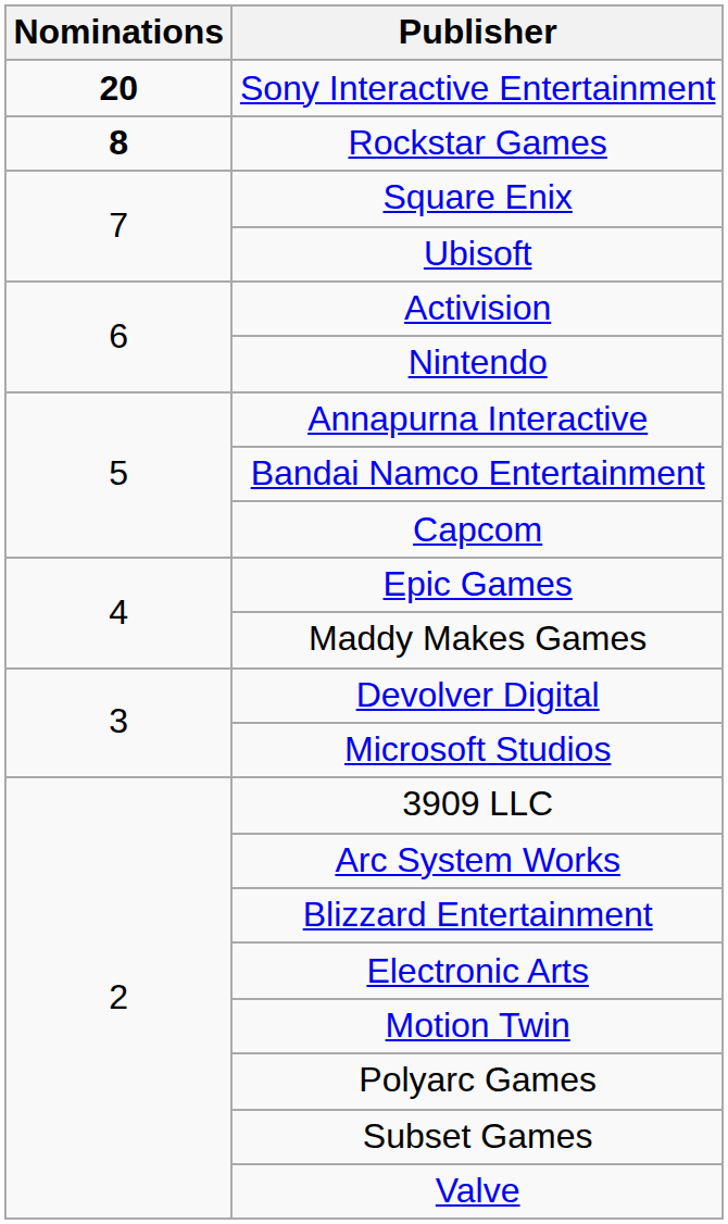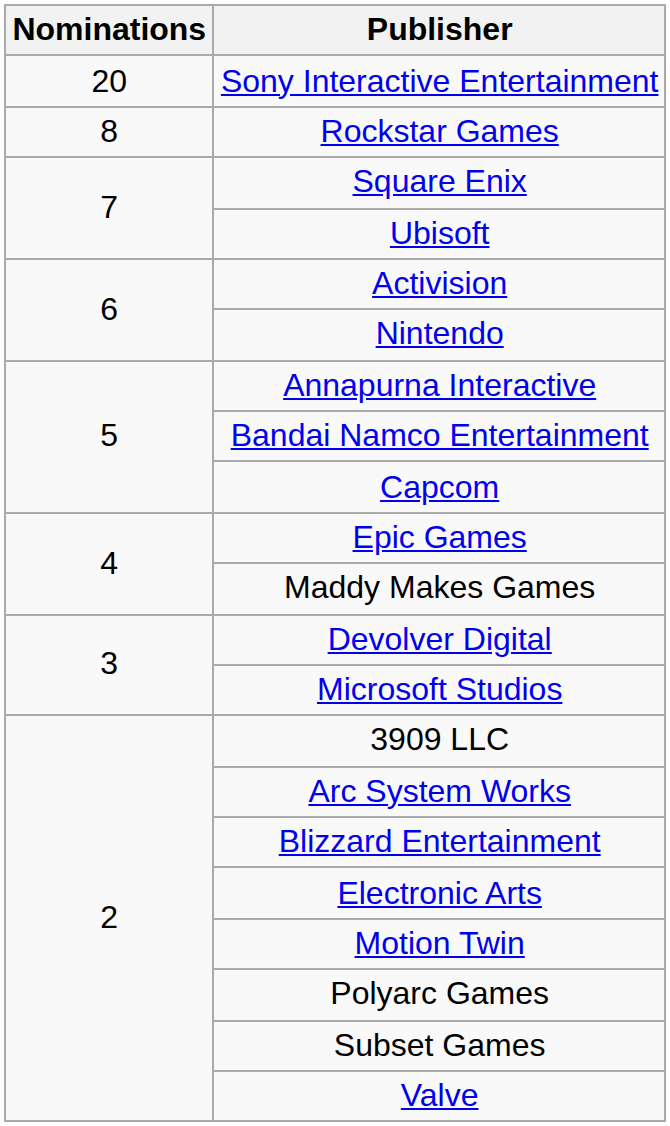 <table class="wikitable floatright" rowspan="2" style="text-align:center;">
 <tr>
 <th scope="col" style="width:55px;">Nominations</th>
 <th scope="col" style="text-align:center;">Publisher</th>
 </tr>
 <tr>
-<td><strong>20</strong></td>
+<td>20</td>
 <td><a href='#'>Sony Interactive Entertainment</a></td>
 </tr>
 <tr>
-<td><strong>8</strong></td>
+<td>8</td>
 <td><a href='#'>Rockstar Games</a></td>
 </tr>
 <tr>
 <td rowspan="2">7</td>
 <td><a href='#'>Square Enix</a></td>
 </tr>
 <tr>
 <td><a href='#'>Ubisoft</a></td>
 </tr>
 <tr>
 <td rowspan="2">6</td>
 <td><a href='#'>Activision</a></td>
 </tr>
 <tr>
 <td><a href='#'>Nintendo</a></td>
 </tr>
 <tr>
 <td rowspan="3">5</td>
 <td><a href='#'>Annapurna Interactive</a></td>
 </tr>
 <tr>
 <td><a href='#'>Bandai Namco Entertainment</a></td>
 </tr>
 <tr>
 <td><a href='#'>Capcom</a></td>
 </tr>
 <tr>
 <td rowspan="2">4</td>
 <td><a href='#'>Epic Games</a></td>
 </tr>
 <tr>
 <td>Maddy Makes Games</td>
 </tr>
 <tr>
 <td rowspan="2">3</td>
 <td><a href='#'>Devolver Digital</a></td>
 </tr>
 <tr>
 <td><a href='#'>Microsoft Studios</a></td>
 </tr>
 <tr>
 <td rowspan="8">2</td>
 <td>3909 LLC</td>
 </tr>
 <tr>
 <td><a href='#'>Arc System Works</a></td>
 </tr>
 <tr>
 <td><a href='#'>Blizzard Entertainment</a></td>
 </tr>
 <tr>
 <td><a href='#'>Electronic Arts</a></td>
 </tr>
 <tr>
 <td><a href='#'>Motion Twin</a></td>
 </tr>
 <tr>
 <td>Polyarc Games</td>
 </tr>
 <tr>
 <td>Subset Games</td>
 </tr>
 <tr>
 <td><a href='#'>Valve</a></td>
 </tr>
 </table>
